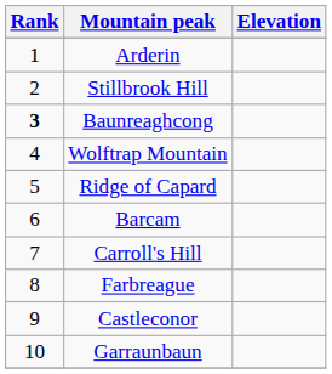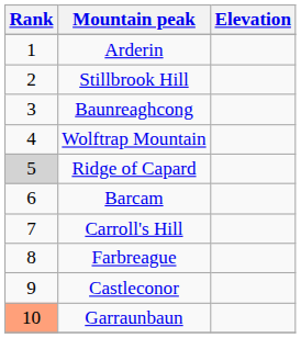 <table class="wikitable sortable" style="text-align:center;">
 <tr>
 <th><a href='#'>Rank</a></th>
 <th><a href='#'>Mountain peak</a></th>
 <th><a href='#'>Elevation</a></th>
 </tr>
 <tr>
 </tr>
 <tr valign="left">
 </tr>
 <tr>
 <td>1</td>
 <td><a href='#'>Arderin</a></td>
 <td></td>
 </tr>
 <tr>
 <td>2</td>
 <td><a href='#'>Stillbrook Hill</a></td>
 <td></td>
 </tr>
 <tr>
-<td><strong>3</strong></td>
+<td>3</td>
 <td><a href='#'>Baunreaghcong</a></td>
 <td></td>
 </tr>
 <tr>
 <td>4</td>
 <td><a href='#'>Wolftrap Mountain</a></td>
 <td></td>
 </tr>
 <tr>
-<td>5</td>
+<td style="background: lightgrey;">5</td>
 <td><a href='#'>Ridge of Capard</a></td>
 <td></td>
 </tr>
 <tr>
 <td>6</td>
 <td><a href='#'>Barcam</a></td>
 <td></td>
 </tr>
 <tr>
 <td>7</td>
 <td><a href='#'>Carroll's Hill</a></td>
 <td></td>
 </tr>
 <tr>
 <td>8</td>
 <td><a href='#'>Farbreague</a></td>
 <td></td>
 </tr>
 <tr>
 <td>9</td>
 <td><a href='#'>Castleconor</a></td>
 <td></td>
 </tr>
 <tr>
-<td>10</td>
+<td style="background: lightsalmon;">10</td>
 <td><a href='#'>Garraunbaun</a></td>
 <td></td>
 </tr>
 <tr>
 </tr>
 </table>
